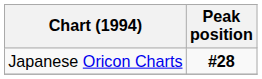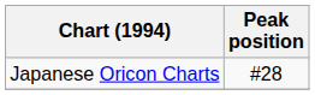 <table class="wikitable sortable">
 <tr>
 <th scope="col">Chart (1994)</th>
 <th scope="col">Peak<br>position</th>
 </tr>
 <tr>
 <td>Japanese <a href='#'>Oricon Charts</a></td>
-<td align="center"><strong>#28</strong></td>
+<td align="center">#28</td>
 </tr>
 <tr>
 </tr>
 </table>
